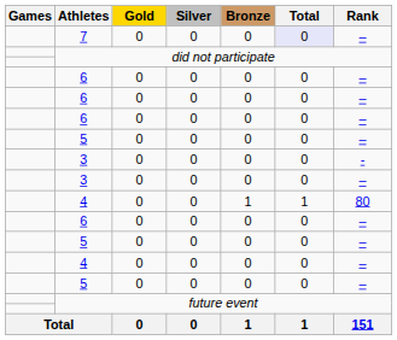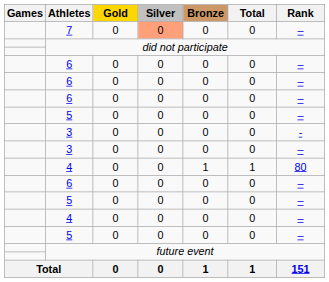 <table class="wikitable" style="text-align:center; font-size:90%;">
 <tr>
 <th>Games</th>
 <th>Athletes</th>
 <td style="background:gold; width:3.7em; font-weight:bold;">Gold</td>
 <td style="background:silver; width:3.7em; font-weight:bold;">Silver</td>
 <td style="background:#cc9966; width:3.7em; font-weight:bold;">Bronze</td>
 <th style="width:4em; font-weight:bold;">Total</th>
 <th style="width:4em; font-weight:bold;">Rank</th>
 </tr>
 <tr>
 <td align=left></td>
 <td><a href='#'>7</a></td>
 <td>0</td>
+<td style="background: lightsalmon;">0</td>
 <td>0</td>
 <td>0</td>
-<td style="background: lavender;">0</td>
 <td><a href='#'>–</a></td>
 </tr>
 <tr>
 <td align=left></td>
 <td colspan=6; rowspan=2><em>did not participate</em></td>
 </tr>
 <tr>
 <td align=left></td>
 </tr>
 <tr>
 <td align=left></td>
 <td><a href='#'>6</a></td>
 <td>0</td>
 <td>0</td>
 <td>0</td>
 <td>0</td>
 <td><a href='#'>–</a></td>
 </tr>
 <tr>
 <td align=left></td>
 <td><a href='#'>6</a></td>
 <td>0</td>
 <td>0</td>
 <td>0</td>
 <td>0</td>
 <td><a href='#'>–</a></td>
 </tr>
 <tr>
 <td align=left></td>
 <td><a href='#'>6</a></td>
 <td>0</td>
 <td>0</td>
 <td>0</td>
 <td>0</td>
 <td><a href='#'>–</a></td>
 </tr>
 <tr>
 <td align=left></td>
 <td><a href='#'>5</a></td>
 <td>0</td>
 <td>0</td>
 <td>0</td>
 <td>0</td>
 <td><a href='#'>–</a></td>
 </tr>
 <tr>
 <td align=left></td>
 <td><a href='#'>3</a></td>
 <td>0</td>
 <td>0</td>
 <td>0</td>
 <td>0</td>
 <td><a href='#'>-</a></td>
 </tr>
 <tr>
 <td align=left></td>
 <td><a href='#'>3</a></td>
 <td>0</td>
 <td>0</td>
 <td>0</td>
 <td>0</td>
 <td><a href='#'>–</a></td>
 </tr>
 <tr>
 <td align=left></td>
 <td><a href='#'>4</a></td>
 <td>0</td>
 <td>0</td>
 <td>1</td>
 <td>1</td>
 <td><a href='#'>80</a></td>
 </tr>
 <tr>
 <td align=left></td>
 <td><a href='#'>6</a></td>
 <td>0</td>
 <td>0</td>
 <td>0</td>
 <td>0</td>
 <td><a href='#'>–</a></td>
 </tr>
 <tr>
 <td align=left></td>
 <td><a href='#'>5</a></td>
 <td>0</td>
 <td>0</td>
 <td>0</td>
 <td>0</td>
 <td><a href='#'>–</a></td>
 </tr>
 <tr>
 <td align=left></td>
 <td><a href='#'>4</a></td>
 <td>0</td>
 <td>0</td>
 <td>0</td>
 <td>0</td>
 <td><a href='#'>–</a></td>
 </tr>
 <tr>
 <td align=left></td>
 <td><a href='#'>5</a></td>
 <td>0</td>
 <td>0</td>
 <td>0</td>
 <td>0</td>
 <td><a href='#'>–</a></td>
 </tr>
 <tr>
 <td align=left></td>
 <td colspan=6; rowspan=2><em>future event</em></td>
 </tr>
 <tr>
 <td align=left></td>
 </tr>
 <tr>
 <th colspan=2>Total</th>
 <th>0</th>
 <th>0</th>
 <th>1</th>
 <th>1</th>
 <th><a href='#'>151</a></th>
 </tr>
 </table>
